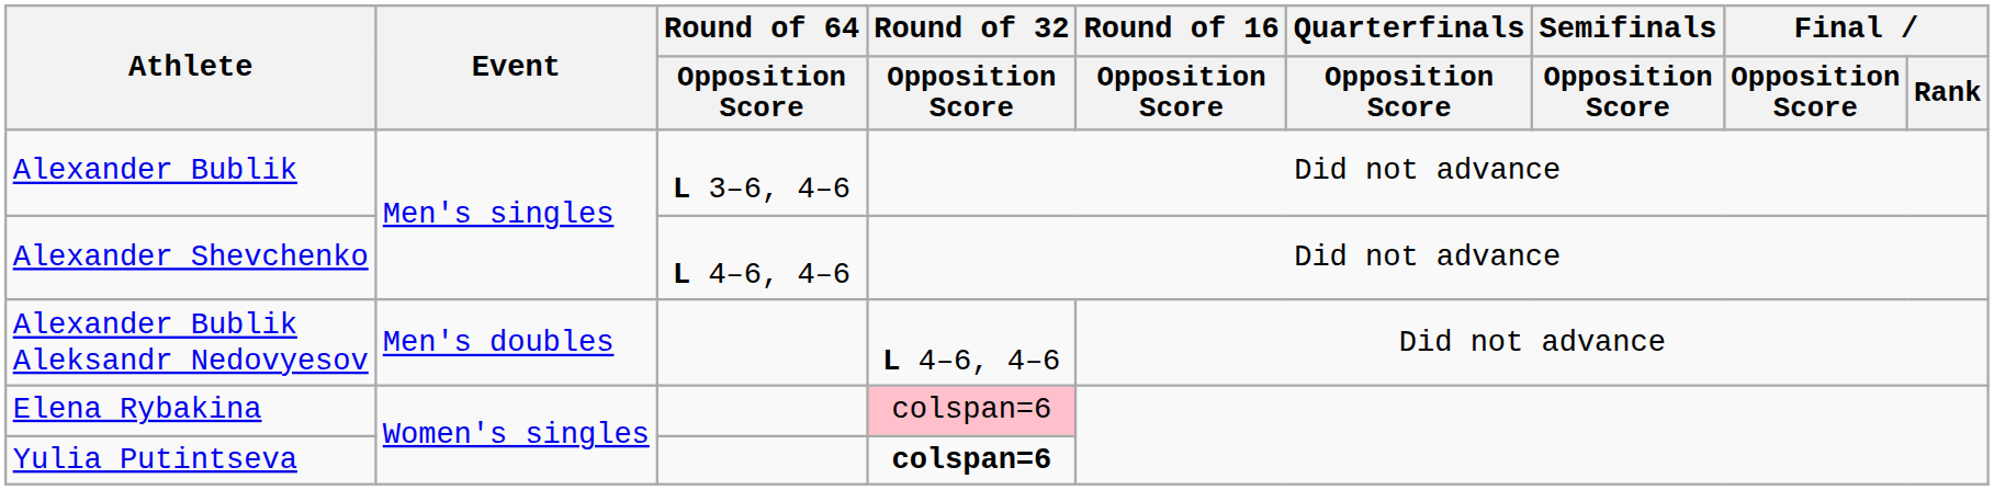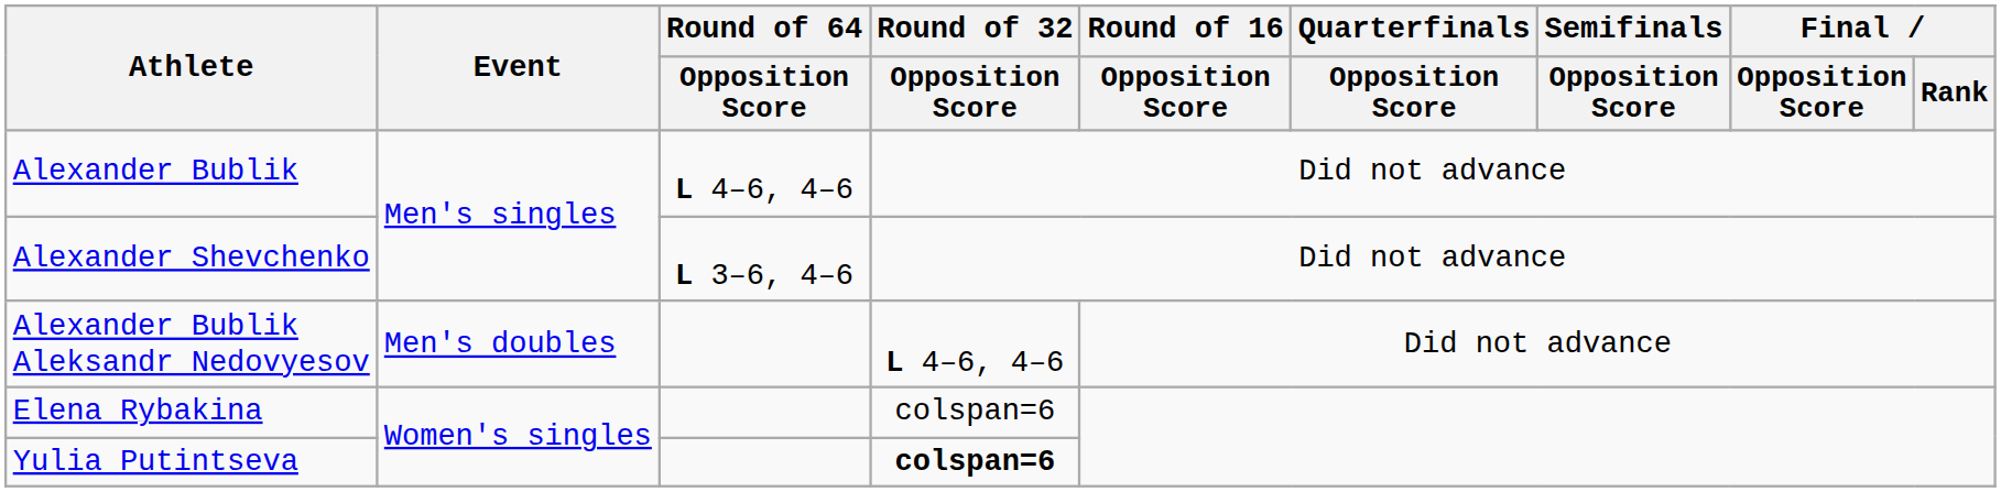 <table class=wikitable style="text-align:center; font-size:90%">
 <tr>
 <th rowspan="2">Athlete</th>
 <th rowspan="2">Event</th>
 <th>Round of 64</th>
 <th>Round of 32</th>
 <th>Round of 16</th>
 <th>Quarterfinals</th>
 <th>Semifinals</th>
 <th colspan=2>Final / </th>
 </tr>
 <tr style="font-size:95%">
 <th>Opposition<br>Score</th>
 <th>Opposition<br>Score</th>
 <th>Opposition<br>Score</th>
 <th>Opposition<br>Score</th>
 <th>Opposition<br>Score</th>
 <th>Opposition<br>Score</th>
 <th>Rank</th>
 </tr>
 <tr align=center>
 <td align=left><a href='#'>Alexander Bublik</a></td>
 <td align=left rowspan=2><a href='#'>Men's singles</a></td>
-<td><br><strong>L</strong> 3–6, 4–6</td>
+<td><br><strong>L</strong> 4–6, 4–6</td>
 <td colspan="6" align="center">Did not advance</td>
 </tr>
 <tr align=center>
 <td align=left><a href='#'>Alexander Shevchenko</a></td>
-<td><br><strong>L</strong> 4–6, 4–6</td>
+<td><br><strong>L</strong> 3–6, 4–6</td>
 <td colspan="6" align="center">Did not advance</td>
 </tr>
 <tr align=center>
 <td align=left><a href='#'>Alexander Bublik</a><br><a href='#'>Aleksandr Nedovyesov</a></td>
 <td align=left><a href='#'>Men's doubles</a></td>
 <td></td>
 <td><br><strong>L</strong> 4–6, 4–6</td>
 <td colspan="5" align="center">Did not advance</td>
 </tr>
 <tr>
 <td align=left><a href='#'>Elena Rybakina</a></td>
 <td align=left rowspan=2><a href='#'>Women's singles</a></td>
 <td></td>
-<td style="background: pink;">colspan=6 </td>
+<td>colspan=6 </td>
 </tr>
 <tr>
 <td align=left><a href='#'>Yulia Putintseva</a></td>
 <td></td>
 <td><strong>colspan=6 </strong></td>
 </tr>
 </table>
